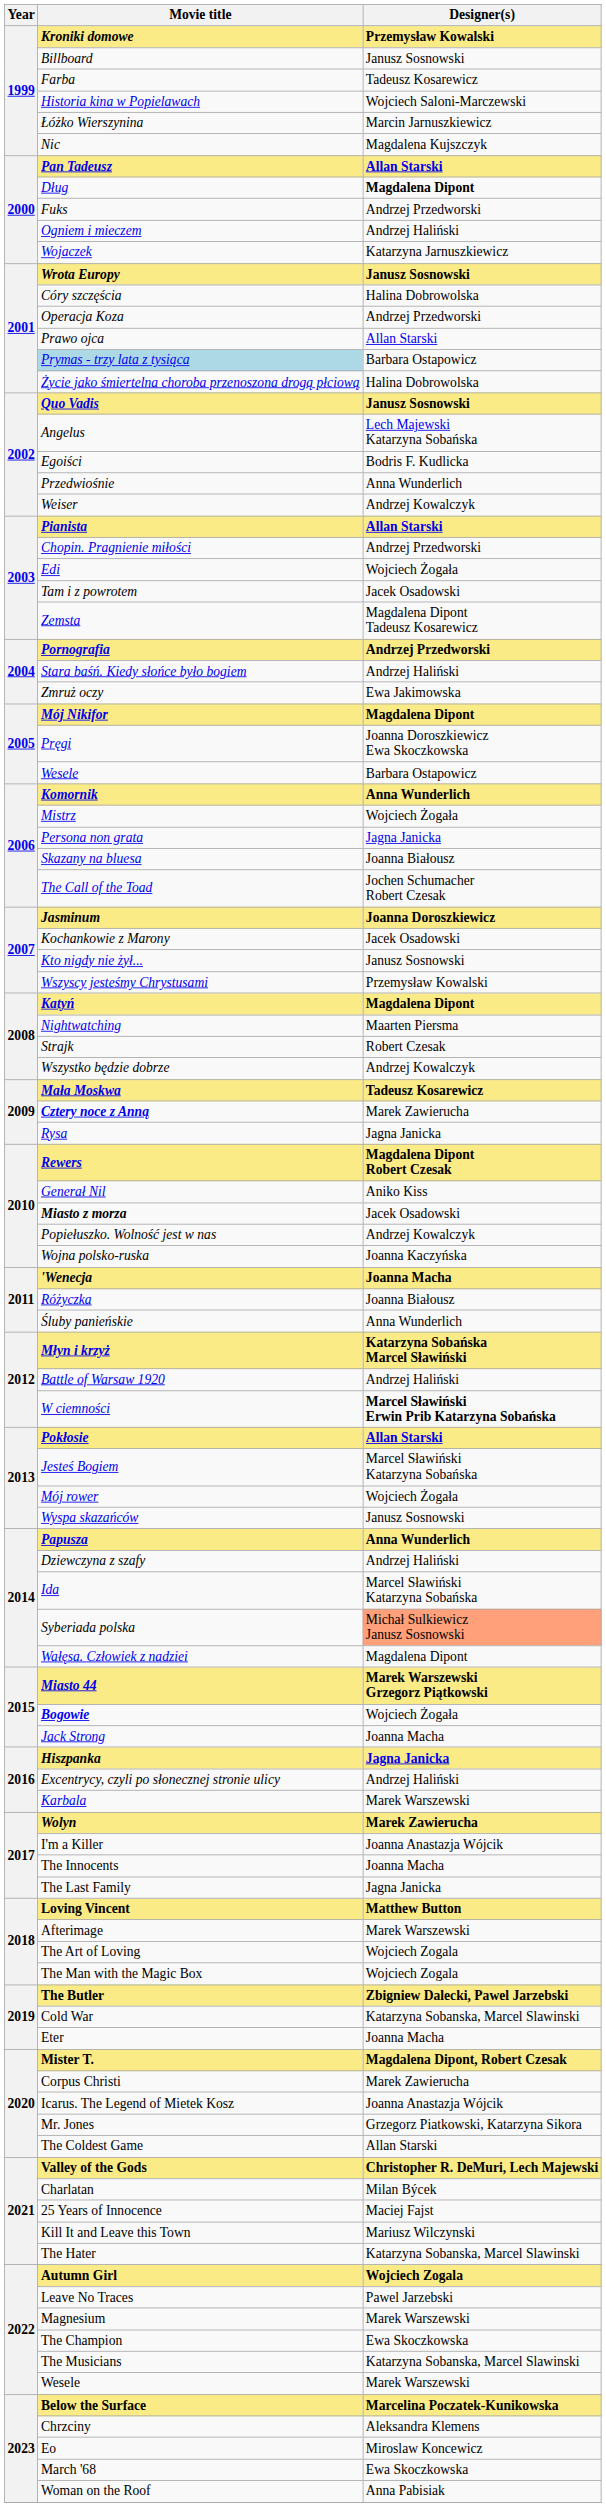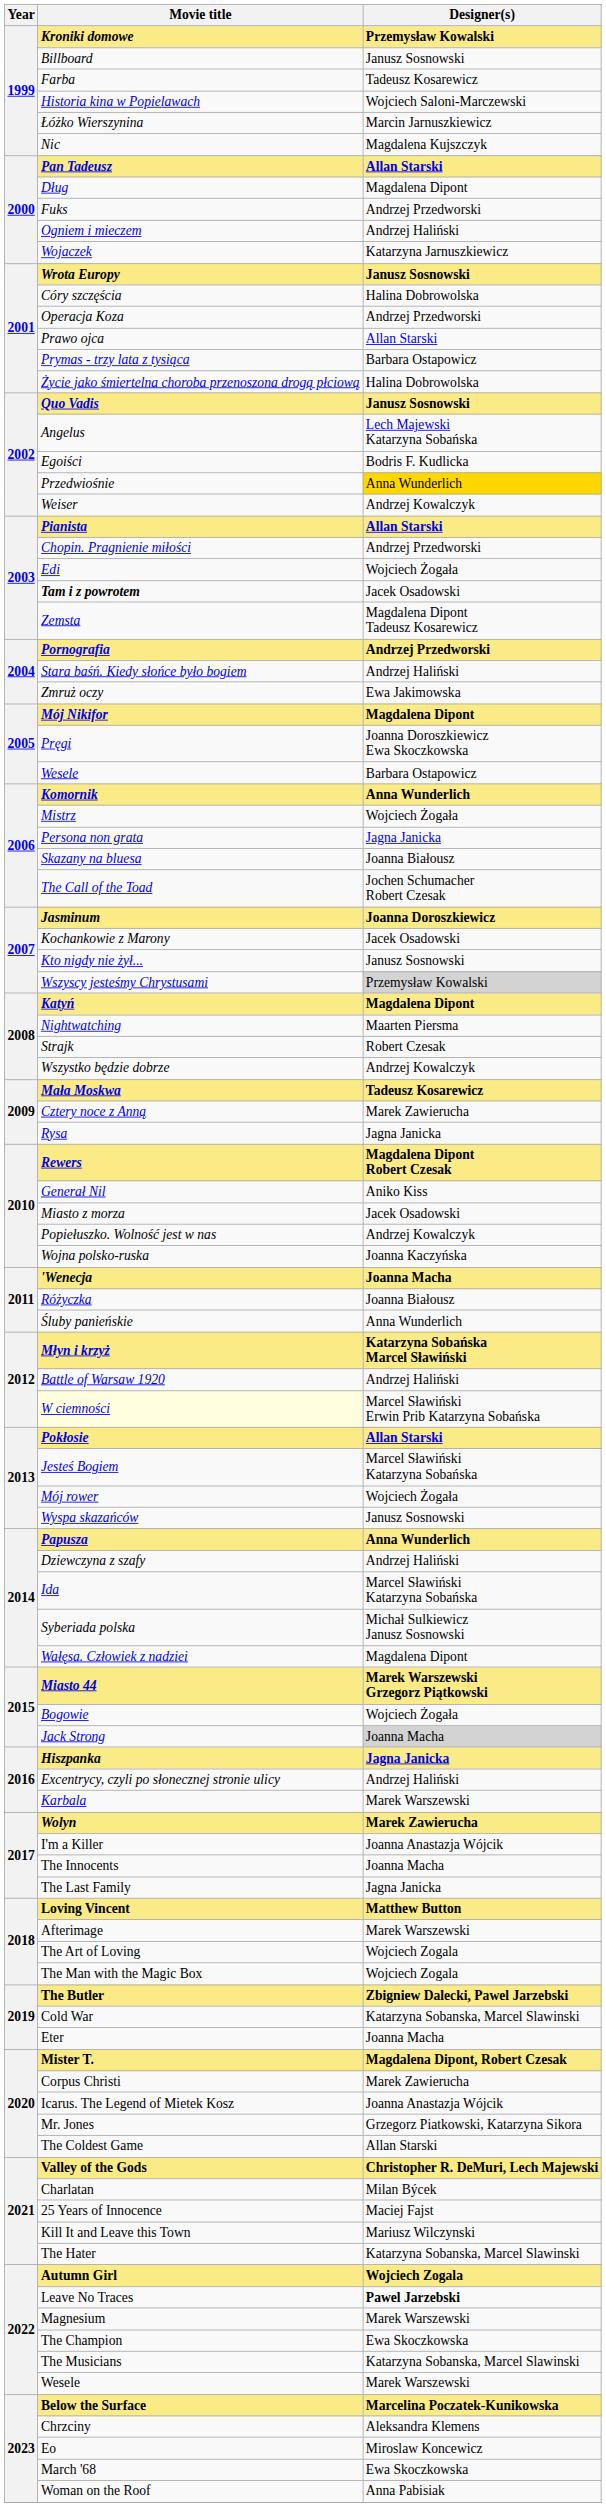 <table class="wikitable">
 <tr>
 <th>Year</th>
 <th>Movie title</th>
 <th>Designer(s)</th>
 </tr>
 <tr>
 <th rowspan="6"><a href='#'>1999</a></th>
 <td style="background:#FAEB86;"><strong><em>Kroniki domowe</em></strong></td>
 <td style="background:#FAEB86;"><strong>Przemysław Kowalski</strong></td>
 </tr>
 <tr>
 <td><em>Billboard</em></td>
 <td>Janusz Sosnowski</td>
 </tr>
 <tr>
 <td><em>Farba</em></td>
 <td>Tadeusz Kosarewicz</td>
 </tr>
 <tr>
 <td><em><a href='#'>Historia kina w Popielawach</a></em></td>
 <td>Wojciech Saloni-Marczewski</td>
 </tr>
 <tr>
 <td><em>Łóżko Wierszynina</em></td>
 <td>Marcin Jarnuszkiewicz</td>
 </tr>
 <tr>
 <td><em>Nic</em></td>
 <td>Magdalena Kujszczyk</td>
 </tr>
 <tr>
 <th rowspan="5"><a href='#'>2000</a></th>
 <td style="background:#FAEB86;"><em><a href='#'><strong>Pan Tadeusz</strong></a></em></td>
 <td style="background:#FAEB86;"><strong><a href='#'>Allan Starski</a></strong></td>
 </tr>
 <tr>
 <td><em><a href='#'>Dług</a></em></td>
-<td><strong>Magdalena Dipont</strong></td>
+<td>Magdalena Dipont</td>
 </tr>
 <tr>
 <td><em>Fuks</em></td>
 <td>Andrzej Przedworski</td>
 </tr>
 <tr>
 <td><em><a href='#'>Ogniem i mieczem</a></em></td>
 <td>Andrzej Haliński</td>
 </tr>
 <tr>
 <td><em><a href='#'>Wojaczek</a></em></td>
 <td>Katarzyna Jarnuszkiewicz</td>
 </tr>
 <tr>
 <th rowspan="6"><a href='#'>2001</a></th>
 <td style="background:#FAEB86;"><strong><em>Wrota Europy</em></strong></td>
 <td style="background:#FAEB86;"><strong>Janusz Sosnowski</strong></td>
 </tr>
 <tr>
 <td><em>Córy szczęścia</em></td>
 <td>Halina Dobrowolska</td>
 </tr>
 <tr>
 <td><em>Operacja Koza</em></td>
 <td>Andrzej Przedworski</td>
 </tr>
 <tr>
 <td><em>Prawo ojca</em></td>
 <td><a href='#'>Allan Starski</a></td>
 </tr>
 <tr>
-<td style="background: lightblue;"><em><a href='#'>Prymas - trzy lata z tysiąca</a></em></td>
+<td><em><a href='#'>Prymas - trzy lata z tysiąca</a></em></td>
 <td>Barbara Ostapowicz</td>
 </tr>
 <tr>
 <td><em><a href='#'>Życie jako śmiertelna choroba przenoszona drogą płciową</a></em></td>
 <td>Halina Dobrowolska</td>
 </tr>
 <tr>
 <th rowspan="5"><a href='#'>2002</a></th>
 <td style="background:#FAEB86;"><em><a href='#'><strong>Quo Vadis</strong></a></em></td>
 <td style="background:#FAEB86;"><strong>Janusz Sosnowski</strong></td>
 </tr>
 <tr>
 <td><em>Angelus</em></td>
 <td><a href='#'>Lech Majewski</a><br>Katarzyna Sobańska</td>
 </tr>
 <tr>
 <td><em>Egoiści</em></td>
 <td>Bodris F. Kudlicka</td>
 </tr>
 <tr>
 <td><em>Przedwiośnie</em></td>
-<td>Anna Wunderlich</td>
+<td style="background: gold;">Anna Wunderlich</td>
 </tr>
 <tr>
 <td><em>Weiser</em></td>
 <td>Andrzej Kowalczyk</td>
 </tr>
 <tr>
 <th rowspan="5"><a href='#'>2003</a></th>
 <td style="background:#FAEB86;"><em><a href='#'><strong>Pianista</strong></a></em></td>
 <td style="background:#FAEB86;"><strong><a href='#'>Allan Starski</a></strong></td>
 </tr>
 <tr>
 <td><em><a href='#'>Chopin. Pragnienie miłości</a></em></td>
 <td>Andrzej Przedworski</td>
 </tr>
 <tr>
 <td><em><a href='#'>Edi</a></em></td>
 <td>Wojciech Żogała</td>
 </tr>
 <tr>
-<td><em>Tam i z powrotem</em></td>
+<td><strong><em>Tam i z powrotem</em></strong></td>
 <td>Jacek Osadowski</td>
 </tr>
 <tr>
 <td><em><a href='#'>Zemsta</a></em></td>
 <td>Magdalena Dipont<br>Tadeusz Kosarewicz</td>
 </tr>
 <tr>
 <th rowspan="3"><a href='#'>2004</a></th>
 <td style="background:#FAEB86;"><em><a href='#'><strong>Pornografia</strong></a></em></td>
 <td style="background:#FAEB86;"><strong>Andrzej Przedworski</strong></td>
 </tr>
 <tr>
 <td><em><a href='#'>Stara baśń. Kiedy słońce było bogiem</a></em></td>
 <td>Andrzej Haliński</td>
 </tr>
 <tr>
 <td><em>Zmruż oczy</em></td>
 <td>Ewa Jakimowska</td>
 </tr>
 <tr>
 <th rowspan="3"><a href='#'>2005</a></th>
 <td style="background:#FAEB86;"><strong><em><a href='#'>Mój Nikifor</a></em></strong></td>
 <td style="background:#FAEB86;"><strong>Magdalena Dipont</strong></td>
 </tr>
 <tr>
 <td><em><a href='#'>Pręgi</a></em></td>
 <td>Joanna Doroszkiewicz<br>Ewa Skoczkowska</td>
 </tr>
 <tr>
 <td><em><a href='#'>Wesele</a></em></td>
 <td>Barbara Ostapowicz</td>
 </tr>
 <tr>
 <th rowspan="5"><a href='#'>2006</a></th>
 <td style="background:#FAEB86;"><em><a href='#'><strong>Komornik</strong></a></em></td>
 <td style="background:#FAEB86;"><strong>Anna Wunderlich</strong></td>
 </tr>
 <tr>
 <td><em><a href='#'>Mistrz</a></em></td>
 <td>Wojciech Żogała</td>
 </tr>
 <tr>
 <td><em><a href='#'>Persona non grata</a></em></td>
 <td><a href='#'>Jagna Janicka</a></td>
 </tr>
 <tr>
 <td><em><a href='#'>Skazany na bluesa</a></em></td>
 <td>Joanna Białousz</td>
 </tr>
 <tr>
 <td><em><a href='#'>The Call of the Toad</a></em></td>
 <td>Jochen Schumacher<br>Robert Czesak</td>
 </tr>
 <tr>
 <th rowspan="4"><a href='#'>2007</a></th>
 <td style="background:#FAEB86;"><strong><em>Jasminum</em></strong></td>
 <td style="background:#FAEB86;"><strong>Joanna Doroszkiewicz</strong></td>
 </tr>
 <tr>
 <td><em>Kochankowie z Marony</em></td>
 <td>Jacek Osadowski</td>
 </tr>
 <tr>
 <td><em><a href='#'>Kto nigdy nie żył...</a></em></td>
 <td>Janusz Sosnowski</td>
 </tr>
 <tr>
 <td><em><a href='#'>Wszyscy jesteśmy Chrystusami</a></em></td>
-<td>Przemysław Kowalski</td>
+<td style="background: lightgrey;">Przemysław Kowalski</td>
 </tr>
 <tr>
 <th rowspan="4">2008</th>
 <td style="background:#FAEB86;"><em><a href='#'><strong>Katyń</strong></a></em></td>
 <td style="background:#FAEB86;"><strong>Magdalena Dipont</strong></td>
 </tr>
 <tr>
 <td><em><a href='#'>Nightwatching</a></em></td>
 <td>Maarten Piersma</td>
 </tr>
 <tr>
 <td><em>Strajk</em></td>
 <td>Robert Czesak</td>
 </tr>
 <tr>
 <td><em>Wszystko będzie dobrze</em></td>
 <td>Andrzej Kowalczyk</td>
 </tr>
 <tr>
 <th rowspan="3">2009</th>
 <td style="background:#FAEB86;"><em><a href='#'><strong>Mała Moskwa</strong></a></em></td>
 <td style="background:#FAEB86;"><strong>Tadeusz Kosarewicz</strong></td>
 </tr>
 <tr>
-<td><strong><em><a href='#'>Cztery noce z Anną</a></em></strong></td>
+<td><em><a href='#'>Cztery noce z Anną</a></em></td>
 <td>Marek Zawierucha</td>
 </tr>
 <tr>
 <td><em><a href='#'>Rysa</a></em></td>
 <td>Jagna Janicka</td>
 </tr>
 <tr>
 <th rowspan="5">2010</th>
 <td style="background:#FAEB86;"><em><a href='#'><strong>Rewers</strong></a></em></td>
 <td style="background:#FAEB86;"><strong>Magdalena Dipont</strong><br><strong>Robert Czesak</strong></td>
 </tr>
 <tr>
 <td><em><a href='#'>Generał Nil</a></em></td>
 <td>Aniko Kiss</td>
 </tr>
 <tr>
-<td><strong><em>Miasto z morza</em></strong></td>
+<td><em>Miasto z morza</em></td>
 <td>Jacek Osadowski</td>
 </tr>
 <tr>
 <td><em>Popiełuszko. Wolność jest w nas</em></td>
 <td>Andrzej Kowalczyk</td>
 </tr>
 <tr>
 <td><em>Wojna polsko-ruska</em></td>
 <td>Joanna Kaczyńska</td>
 </tr>
 <tr>
 <th rowspan="3">2011</th>
 <td style="background:#FAEB86;"><strong><em>'Wenecja</em></strong></td>
 <td style="background:#FAEB86;"><strong>Joanna Macha</strong></td>
 </tr>
 <tr>
 <td><em><a href='#'>Różyczka</a></em></td>
 <td>Joanna Białousz</td>
 </tr>
 <tr>
 <td><em>Śluby panieńskie</em></td>
 <td>Anna Wunderlich</td>
 </tr>
 <tr>
 <th rowspan="3">2012</th>
 <td style="background:#FAEB86;"><em><a href='#'><strong>Młyn i krzyż</strong></a></em></td>
 <td style="background:#FAEB86;"><strong>Katarzyna Sobańska</strong><br><strong>Marcel Sławiński</strong></td>
 </tr>
 <tr>
 <td><em><a href='#'>Battle of Warsaw 1920</a></em></td>
 <td>Andrzej Haliński</td>
 </tr>
 <tr>
-<td><em><a href='#'>W ciemności</a></em></td>
-<td><strong>Marcel Sławiński<br>Erwin Prib Katarzyna Sobańska</strong></td>
+<td style="background: lightyellow;"><em><a href='#'>W ciemności</a></em></td>
+<td>Marcel Sławiński<br>Erwin Prib Katarzyna Sobańska</td>
 </tr>
 <tr>
 <th rowspan="4">2013</th>
 <td style="background:#FAEB86;"><em><a href='#'><strong>Pokłosie</strong></a></em></td>
 <td style="background:#FAEB86;"><strong><a href='#'>Allan Starski</a></strong></td>
 </tr>
 <tr>
 <td><em><a href='#'>Jesteś Bogiem</a></em></td>
 <td>Marcel Sławiński<br>Katarzyna Sobańska</td>
 </tr>
 <tr>
 <td><em><a href='#'>Mój rower</a></em></td>
 <td>Wojciech Żogała</td>
 </tr>
 <tr>
 <td><em><a href='#'>Wyspa skazańców</a></em></td>
 <td>Janusz Sosnowski</td>
 </tr>
 <tr>
 <th rowspan="5">2014</th>
 <td style="background:#FAEB86;"><em><a href='#'><strong>Papusza</strong></a></em></td>
 <td style="background:#FAEB86;"><strong>Anna Wunderlich</strong></td>
 </tr>
 <tr>
 <td><em>Dziewczyna z szafy</em></td>
 <td>Andrzej Haliński</td>
 </tr>
 <tr>
 <td><em><a href='#'>Ida</a></em></td>
 <td>Marcel Sławiński<br>Katarzyna Sobańska</td>
 </tr>
 <tr>
 <td><em>Syberiada polska</em></td>
-<td style="background: lightsalmon;">Michał Sulkiewicz<br>Janusz Sosnowski</td>
+<td>Michał Sulkiewicz<br>Janusz Sosnowski</td>
 </tr>
 <tr>
 <td><em><a href='#'>Wałęsa. Człowiek z nadziei</a></em></td>
 <td>Magdalena Dipont</td>
 </tr>
 <tr>
 <th rowspan="3">2015</th>
 <td style="background:#FAEB86;"><strong><em><a href='#'>Miasto 44</a></em></strong></td>
 <td style="background:#FAEB86;"><strong>Marek Warszewski</strong><br><strong>Grzegorz Piątkowski</strong></td>
 </tr>
 <tr>
-<td><strong><em><a href='#'>Bogowie</a></em></strong></td>
+<td><em><a href='#'>Bogowie</a></em></td>
 <td>Wojciech Żogała</td>
 </tr>
 <tr>
 <td><em><a href='#'>Jack Strong</a></em></td>
-<td>Joanna Macha</td>
+<td style="background: lightgrey;">Joanna Macha</td>
 </tr>
 <tr>
 <th rowspan="3">2016</th>
 <td style="background:#FAEB86;"><strong><em>Hiszpanka</em></strong></td>
 <td style="background:#FAEB86;"><strong><a href='#'>Jagna Janicka</a></strong></td>
 </tr>
 <tr>
 <td><em>Excentrycy, czyli po słonecznej stronie ulicy</em></td>
 <td>Andrzej Haliński</td>
 </tr>
 <tr>
 <td><em><a href='#'>Karbala</a></em></td>
 <td>Marek Warszewski</td>
 </tr>
 <tr>
 <th rowspan="4">2017</th>
 <td style="background:#FAEB86;"><strong><em>Wolyn</em></strong></td>
 <td style="background:#FAEB86;"><strong>Marek Zawierucha</strong></td>
 </tr>
 <tr>
 <td>I'm a Killer</td>
 <td>Joanna Anastazja Wójcik</td>
 </tr>
 <tr>
 <td>The Innocents</td>
 <td>Joanna Macha</td>
 </tr>
 <tr>
 <td>The Last Family</td>
 <td>Jagna Janicka</td>
 </tr>
 <tr>
 <th rowspan="4">2018</th>
 <td style="background:#FAEB86;"><strong>Loving Vincent</strong></td>
 <td style="background:#FAEB86;"><strong>Matthew Button</strong></td>
 </tr>
 <tr>
 <td>Afterimage</td>
 <td>Marek Warszewski</td>
 </tr>
 <tr>
 <td>The Art of Loving</td>
 <td>Wojciech Zogala</td>
 </tr>
 <tr>
 <td>The Man with the Magic Box</td>
 <td>Wojciech Zogala</td>
 </tr>
 <tr>
 <th rowspan="3">2019</th>
 <td style="background:#FAEB86;"><strong>The Butler</strong></td>
 <td style="background:#FAEB86;"><strong>Zbigniew Dalecki, Pawel Jarzebski</strong></td>
 </tr>
 <tr>
 <td>Cold War</td>
 <td>Katarzyna Sobanska, Marcel Slawinski</td>
 </tr>
 <tr>
 <td>Eter</td>
 <td>Joanna Macha</td>
 </tr>
 <tr>
 <th rowspan="5">2020</th>
 <td style="background:#FAEB86;"><strong>Mister T.</strong></td>
 <td style="background:#FAEB86;"><strong>Magdalena Dipont, Robert Czesak</strong></td>
 </tr>
 <tr>
 <td>Corpus Christi</td>
 <td>Marek Zawierucha</td>
 </tr>
 <tr>
 <td>Icarus. The Legend of Mietek Kosz</td>
 <td>Joanna Anastazja Wójcik</td>
 </tr>
 <tr>
 <td>Mr. Jones</td>
 <td>Grzegorz Piatkowski, Katarzyna Sikora</td>
 </tr>
 <tr>
 <td>The Coldest Game</td>
 <td>Allan Starski</td>
 </tr>
 <tr>
 <th rowspan="5">2021</th>
 <td style="background:#FAEB86;"><strong>Valley of the Gods</strong></td>
 <td style="background:#FAEB86;"><strong>Christopher R. DeMuri, Lech Majewski</strong></td>
 </tr>
 <tr>
 <td>Charlatan</td>
 <td>Milan Býcek</td>
 </tr>
 <tr>
 <td>25 Years of Innocence</td>
 <td>Maciej Fajst</td>
 </tr>
 <tr>
 <td>Kill It and Leave this Town</td>
 <td>Mariusz Wilczynski</td>
 </tr>
 <tr>
 <td>The Hater</td>
 <td>Katarzyna Sobanska, Marcel Slawinski</td>
 </tr>
 <tr>
 <th rowspan="6">2022</th>
 <td style="background:#FAEB86;"><strong>Autumn Girl</strong></td>
 <td style="background:#FAEB86;"><strong>Wojciech Zogala</strong></td>
 </tr>
 <tr>
 <td>Leave No Traces</td>
-<td>Pawel Jarzebski</td>
+<td><strong>Pawel Jarzebski</strong></td>
 </tr>
 <tr>
 <td>Magnesium</td>
 <td>Marek Warszewski</td>
 </tr>
 <tr>
 <td>The Champion</td>
 <td>Ewa Skoczkowska</td>
 </tr>
 <tr>
 <td>The Musicians</td>
 <td>Katarzyna Sobanska, Marcel Slawinski</td>
 </tr>
 <tr>
 <td>Wesele</td>
 <td>Marek Warszewski</td>
 </tr>
 <tr>
 <th rowspan="5">2023</th>
 <td style="background:#FAEB86;"><strong>Below the Surface</strong></td>
 <td style="background:#FAEB86;"><strong>Marcelina Poczatek-Kunikowska</strong></td>
 </tr>
 <tr>
 <td>Chrzciny</td>
 <td>Aleksandra Klemens</td>
 </tr>
 <tr>
 <td>Eo</td>
 <td>Miroslaw Koncewicz</td>
 </tr>
 <tr>
 <td>March '68</td>
 <td>Ewa Skoczkowska</td>
 </tr>
 <tr>
 <td>Woman on the Roof</td>
 <td>Anna Pabisiak</td>
 </tr>
 <tr>
 </tr>
 </table>
